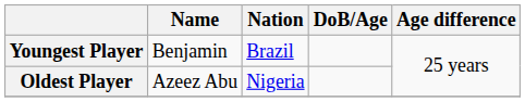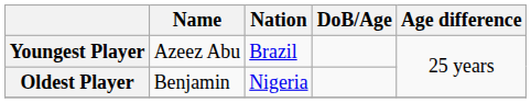 <table class="wikitable">
 <tr>
 <th></th>
 <th>Name</th>
 <th>Nation</th>
 <th>DoB/Age</th>
 <th>Age difference</th>
 </tr>
 <tr>
 <th>Youngest Player</th>
-<td>Benjamin</td>
+<td>Azeez Abu</td>
 <td> <a href='#'>Brazil</a></td>
 <td></td>
 <td rowspan=2 align=center>25 years</td>
 </tr>
 <tr>
 <th>Oldest Player</th>
-<td>Azeez Abu</td>
+<td>Benjamin</td>
 <td> <a href='#'>Nigeria</a></td>
 <td></td>
 </tr>
 <tr>
 </tr>
 </table>
